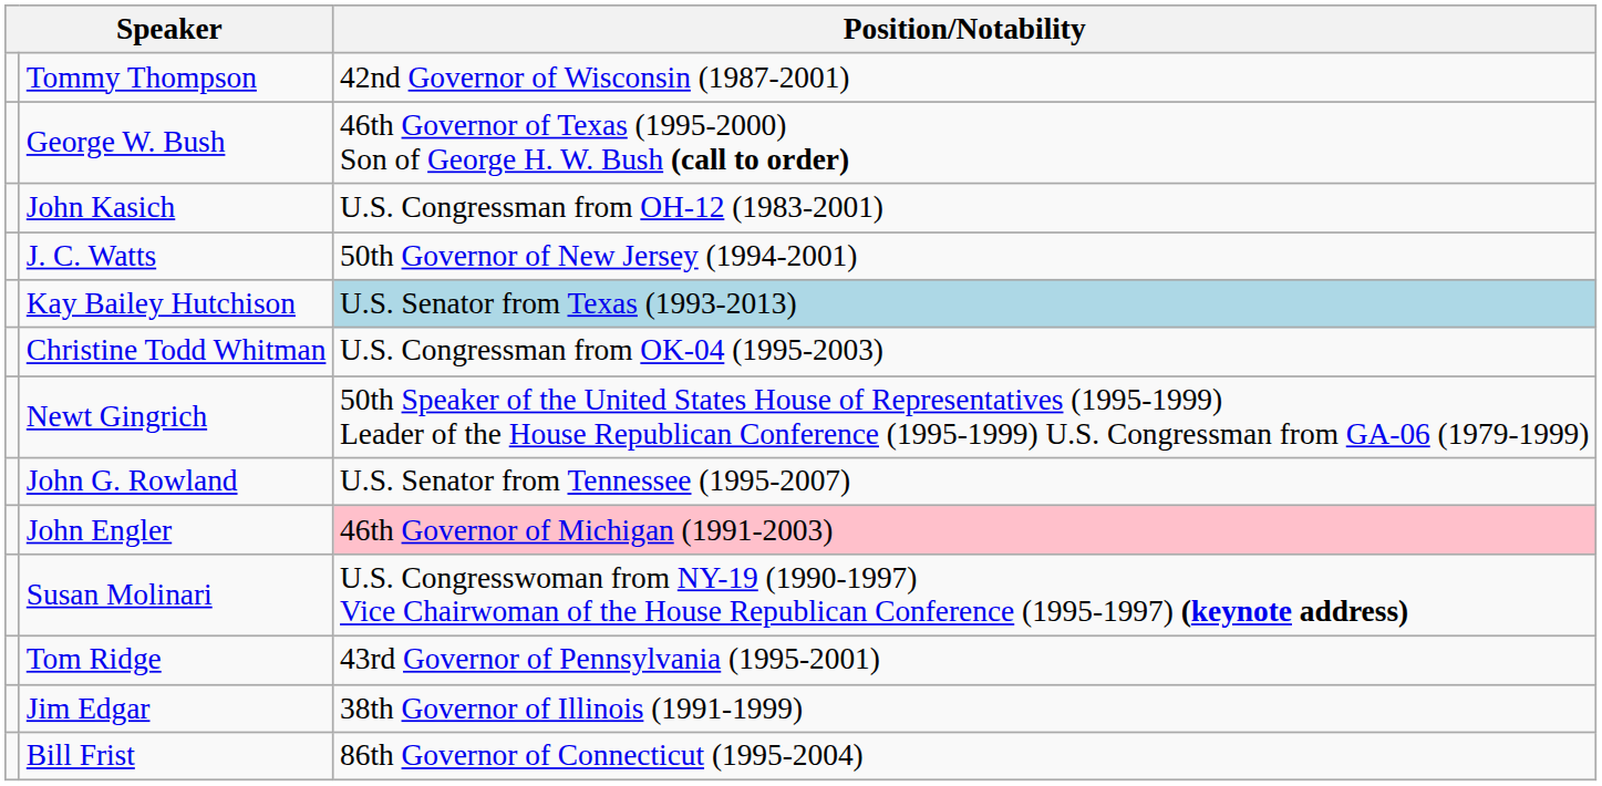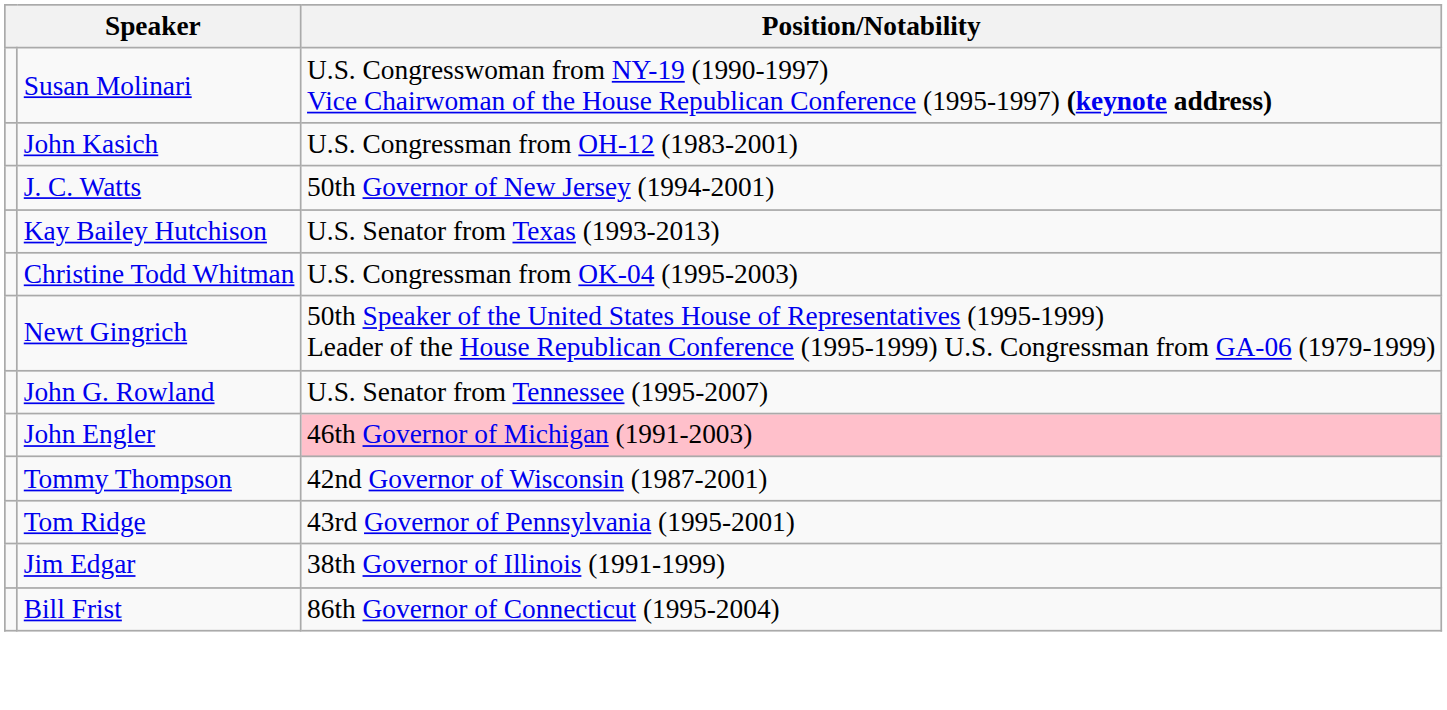 <table class="wikitable">
 <tr>
 <th colspan="2">Speaker</th>
 <th>Position/Notability</th>
 </tr>
 <tr>
 <td></td>
-<td><a href='#'>Tommy Thompson</a></td>
-<td>42nd <a href='#'>Governor of Wisconsin</a> (1987-2001)</td>
-</tr>
-<tr>
-<td></td>
-<td><a href='#'>George W. Bush</a></td>
-<td>46th <a href='#'>Governor of Texas</a> (1995-2000)<br>Son of <a href='#'>George H. W. Bush</a> <strong>(call to order)</strong></td>
+<td><a href='#'>Susan Molinari</a></td>
+<td>U.S. Congresswoman from <a href='#'>NY-19</a> (1990-1997)<br><a href='#'>Vice Chairwoman of the House Republican Conference</a> (1995-1997) <strong>(<a href='#'>keynote</a> address)</strong></td>
 </tr>
 <tr>
 <td></td>
 <td><a href='#'>John Kasich</a></td>
 <td>U.S. Congressman from <a href='#'>OH-12</a> (1983-2001)</td>
 </tr>
 <tr>
 <td></td>
 <td><a href='#'>J. C. Watts</a></td>
 <td>50th <a href='#'>Governor of New Jersey</a> (1994-2001)</td>
 </tr>
 <tr>
 <td></td>
 <td><a href='#'>Kay Bailey Hutchison</a></td>
-<td style="background: lightblue;">U.S. Senator from <a href='#'>Texas</a> (1993-2013)</td>
+<td>U.S. Senator from <a href='#'>Texas</a> (1993-2013)</td>
 </tr>
 <tr>
 <td></td>
 <td><a href='#'>Christine Todd Whitman</a></td>
 <td>U.S. Congressman from <a href='#'>OK-04</a> (1995-2003)</td>
 </tr>
 <tr>
 <td></td>
 <td><a href='#'>Newt Gingrich</a></td>
 <td>50th <a href='#'>Speaker of the United States House of Representatives</a> (1995-1999)<br>Leader of the <a href='#'>House Republican Conference</a> (1995-1999) U.S. Congressman from <a href='#'>GA-06</a> (1979-1999)</td>
 </tr>
 <tr>
 <td></td>
 <td><a href='#'>John G. Rowland</a></td>
 <td>U.S. Senator from <a href='#'>Tennessee</a> (1995-2007)</td>
 </tr>
 <tr>
 <td></td>
 <td><a href='#'>John Engler</a></td>
 <td style="background: pink;">46th <a href='#'>Governor of Michigan</a> (1991-2003)</td>
 </tr>
 <tr>
 <td></td>
-<td><a href='#'>Susan Molinari</a></td>
-<td>U.S. Congresswoman from <a href='#'>NY-19</a> (1990-1997)<br><a href='#'>Vice Chairwoman of the House Republican Conference</a> (1995-1997) <strong>(<a href='#'>keynote</a> address)</strong></td>
+<td><a href='#'>Tommy Thompson</a></td>
+<td>42nd <a href='#'>Governor of Wisconsin</a> (1987-2001)</td>
 </tr>
 <tr>
 <td></td>
 <td><a href='#'>Tom Ridge</a></td>
 <td>43rd <a href='#'>Governor of Pennsylvania</a> (1995-2001)</td>
 </tr>
 <tr>
 <td></td>
 <td><a href='#'>Jim Edgar</a></td>
 <td>38th <a href='#'>Governor of Illinois</a> (1991-1999)</td>
 </tr>
 <tr>
 <td></td>
 <td><a href='#'>Bill Frist</a></td>
 <td>86th <a href='#'>Governor of Connecticut</a> (1995-2004)</td>
 </tr>
 </table>
